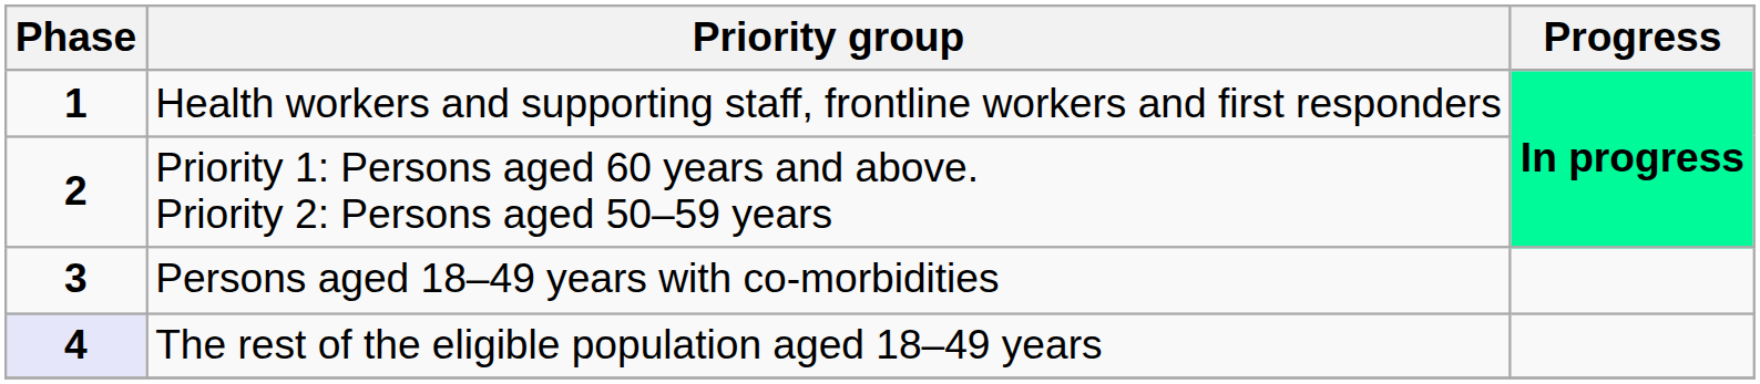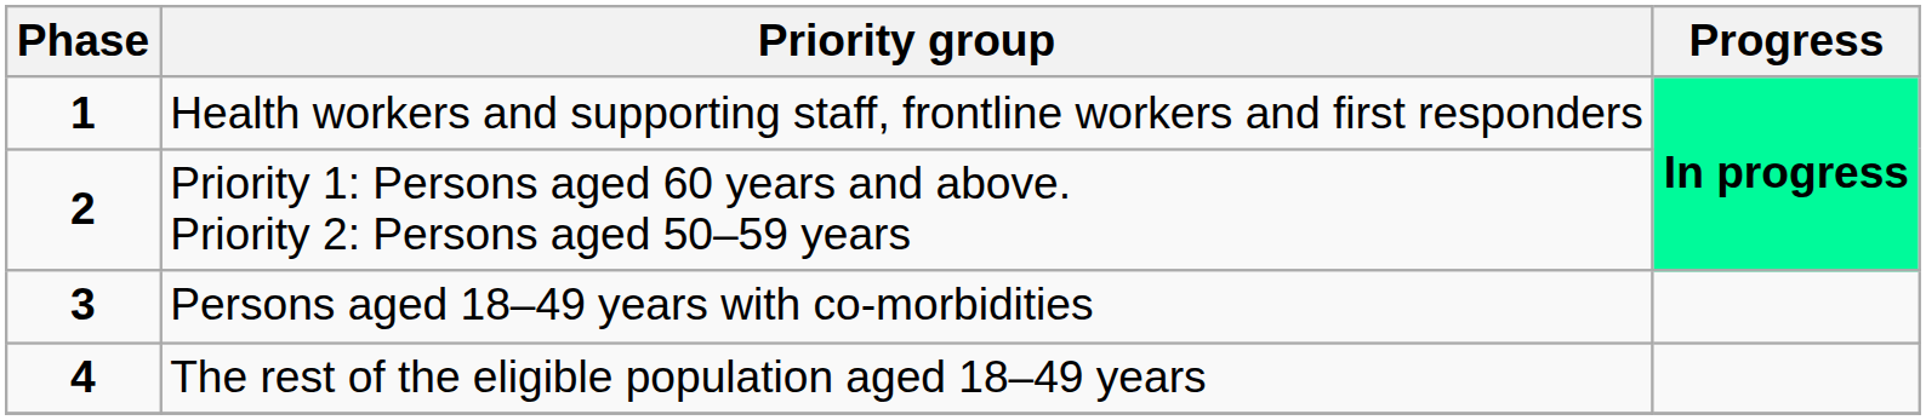 <table class="wikitable" style="text-align:left; font-size:100%">
 <tr>
 <th>Phase</th>
 <th>Priority group</th>
 <th>Progress</th>
 </tr>
 <tr>
 <td style="text-align:center;"><strong>1</strong></td>
 <td>Health workers and supporting staff, frontline workers and first responders</td>
 <td rowspan="2" bgcolor="mediumspringgreen"><span> <strong>In progress</strong></span></td>
 </tr>
 <tr>
 <td style="text-align:center;"><strong>2</strong></td>
 <td>Priority 1: Persons aged 60 years and above. <br> Priority 2: Persons aged 50–59 years</td>
 </tr>
 <tr>
 <td style="text-align:center;"><strong>3</strong></td>
 <td>Persons aged 18–49 years with co-morbidities</td>
 <td></td>
 </tr>
 <tr>
-<td style="background: lavender; text-align:center;"><strong>4</strong></td>
+<td style="text-align:center;"><strong>4</strong></td>
 <td>The rest of the eligible population aged 18–49 years</td>
 <td></td>
 </tr>
 <tr>
 </tr>
 </table>
